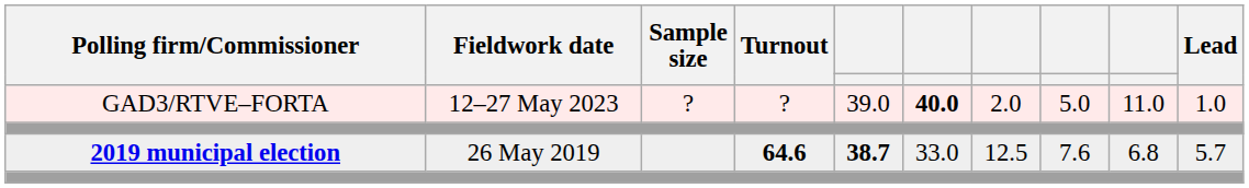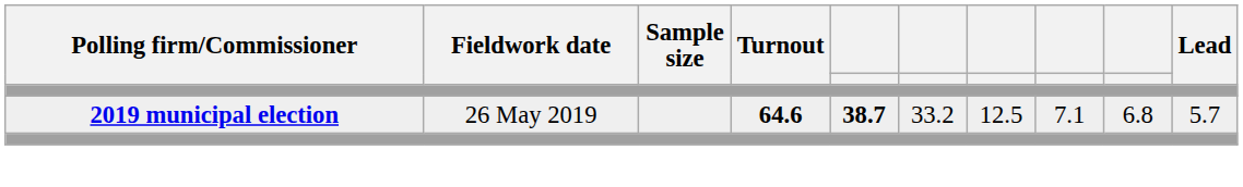 <table class="wikitable collapsible collapsed" style="text-align:center; font-size:95%; line-height:16px;">
 <tr style="height:42px;">
 <th style="width:250px;" rowspan="2">Polling firm/Commissioner</th>
 <th style="width:125px;" rowspan="2">Fieldwork date</th>
 <th style="width:50px;" rowspan="2">Sample size</th>
 <th style="width:45px;" rowspan="2">Turnout</th>
 <th style="width:35px;"></th>
 <th style="width:35px;"></th>
 <th style="width:35px;"></th>
 <th style="width:35px;"></th>
 <th style="width:35px;"></th>
 <th style="width:30px;" rowspan="2">Lead</th>
 </tr>
 <tr>
 <th style="color:inherit;background:"></th>
 <th style="color:inherit;background:"></th>
 <th style="color:inherit;background:"></th>
 <th style="color:inherit;background:"></th>
 <th style="color:inherit;background:"></th>
 </tr>
-<tr style="background:#FFEAEA;">
-<td>GAD3/RTVE–FORTA</td>
-<td>12–27 May 2023</td>
-<td>?</td>
-<td>?</td>
-<td>39.0<br></td>
-<td><strong>40.0</strong><br></td>
-<td>2.0<br></td>
-<td>5.0<br></td>
-<td>11.0<br></td>
-<td style="background:">1.0</td>
-</tr>
 <tr>
 <td colspan="10" style="background:#A0A0A0"></td>
 </tr>
 <tr style="background:#EFEFEF;">
 <td><strong><a href='#'>2019 municipal election</a></strong></td>
 <td>26 May 2019</td>
 <td></td>
 <td><strong>64.6</strong></td>
 <td><strong>38.7</strong><br></td>
-<td>33.0<br></td>
+<td>33.2<br></td>
 <td>12.5<br></td>
-<td>7.6<br></td>
+<td>7.1<br></td>
 <td>6.8<br></td>
 <td style="background:">5.7</td>
 </tr>
 <tr>
 <td colspan="10" style="background:#A0A0A0"></td>
 </tr>
 </table>
